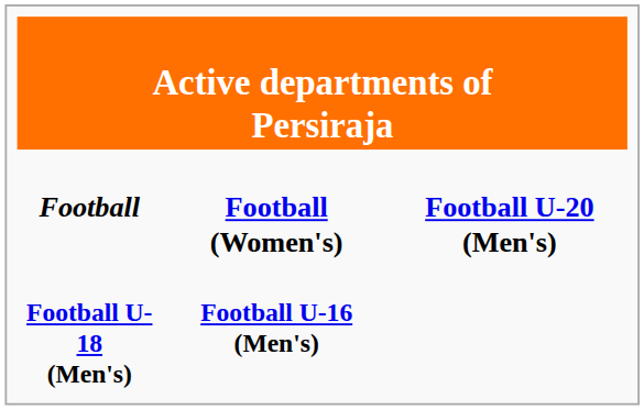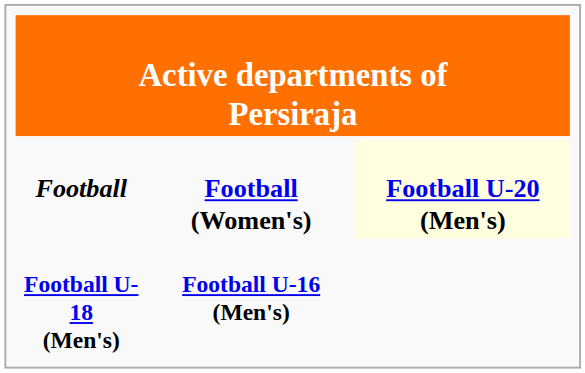 <table class="infobox" style="font-size: 88%; width: 22em; text-align: center">
 <tr>
 <th colspan=3 style="font-size: 125%; background-color:#FF7000; color:white; text-align:center;"><br>Active departments of<br>Persiraja</th>
 </tr>
 <tr style="text-align: center">
 <td><br><strong><em>Football</em></strong></td>
 <td><br><strong><a href='#'>Football</a> (Women's)</strong></td>
-<td><br><strong><a href='#'>Football U-20</a> (Men's)</strong></td>
+<td style="background: lightyellow;"><br><strong><a href='#'>Football U-20</a> (Men's)</strong></td>
 </tr>
 <tr style="font-size: 90%; text-align: center">
 <td><br><strong><a href='#'>Football U-18</a><br> (Men's)</strong></td>
 <td><br><strong><a href='#'>Football U-16</a><br> (Men's)</strong></td>
 </tr>
 </table>
